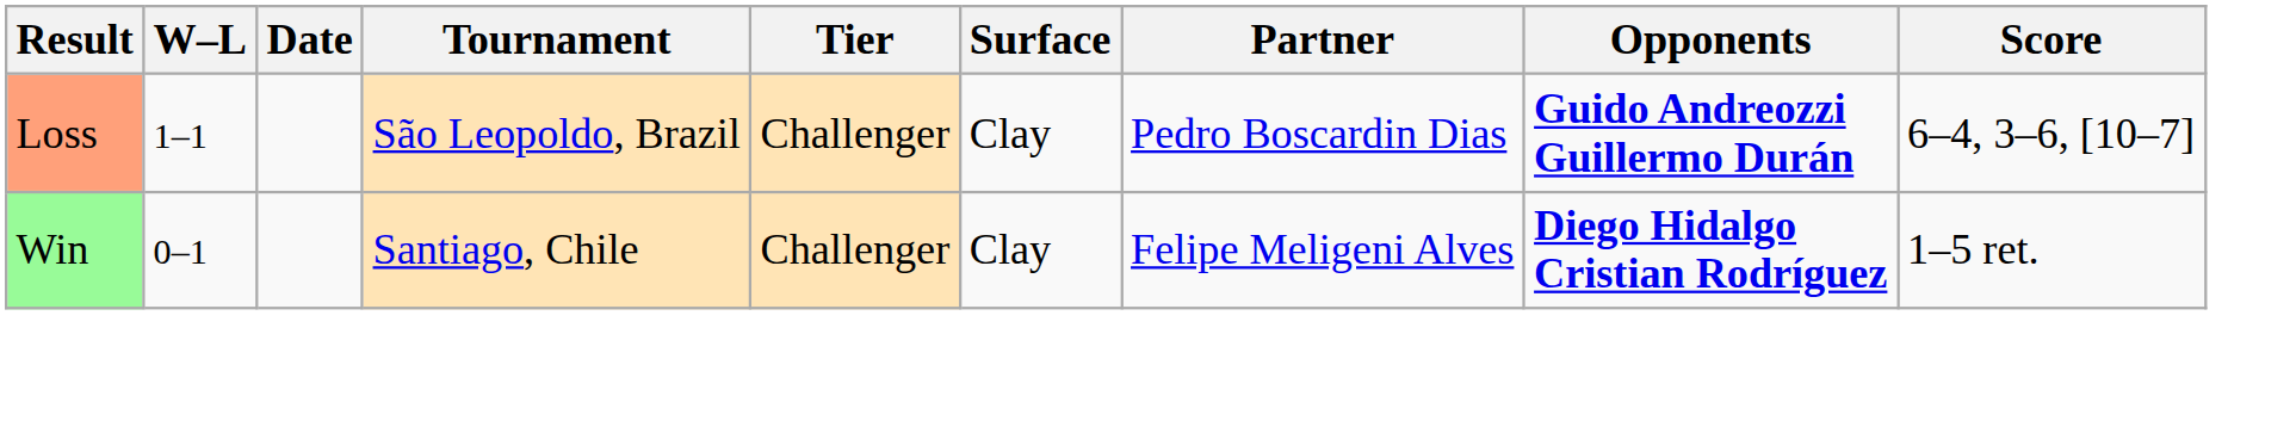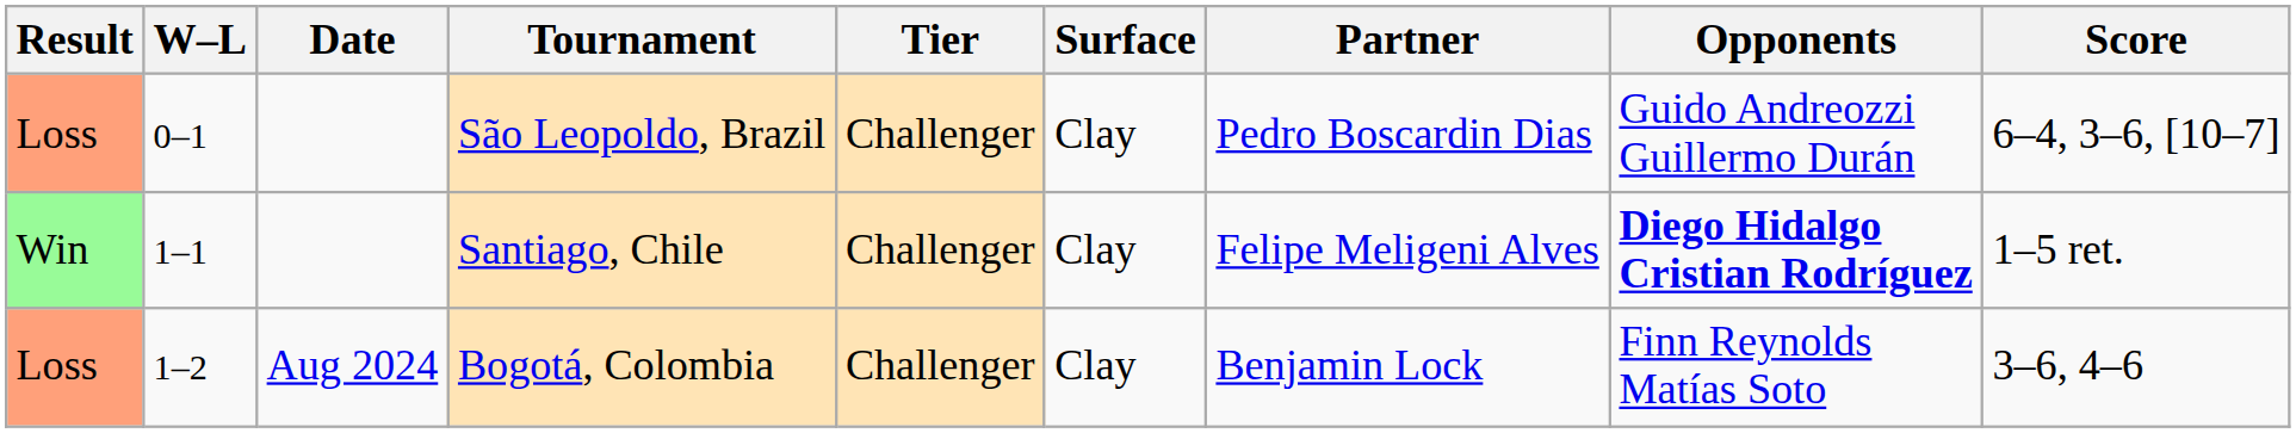 <table class="sortable wikitable">
 <tr>
 <th>Result</th>
 <th class="unsortable">W–L</th>
 <th>Date</th>
 <th>Tournament</th>
 <th>Tier</th>
 <th>Surface</th>
 <th>Partner</th>
 <th>Opponents</th>
 <th class="unsortable">Score</th>
 </tr>
 <tr>
 <td bgcolor=FFA07A>Loss</td>
-<td><small>1–1</small></td>
+<td><small>0–1</small></td>
 <td><a href='#'></a></td>
 <td style="background:moccasin;"><a href='#'>São Leopoldo</a>, Brazil</td>
 <td style="background:moccasin;">Challenger</td>
 <td>Clay</td>
 <td> <a href='#'>Pedro Boscardin Dias</a></td>
-<td><strong> <a href='#'>Guido Andreozzi</a><br> <a href='#'>Guillermo Durán</a></strong></td>
+<td> <a href='#'>Guido Andreozzi</a><br> <a href='#'>Guillermo Durán</a></td>
 <td>6–4, 3–6, [10–7]</td>
 </tr>
 <tr>
 <td bgcolor=98FB98>Win</td>
-<td><small>0–1</small></td>
+<td><small>1–1</small></td>
 <td><a href='#'></a></td>
 <td style="background:moccasin;"><a href='#'>Santiago</a>, Chile</td>
 <td style="background:moccasin;">Challenger</td>
 <td>Clay</td>
 <td> <a href='#'>Felipe Meligeni Alves</a></td>
 <td><strong> <a href='#'>Diego Hidalgo</a><br> <a href='#'>Cristian Rodríguez</a></strong></td>
 <td>1–5 ret.</td>
 </tr>
+<tr>
+<td bgcolor=FFA07A>Loss</td>
+<td><small>1–2</small></td>
+<td><a href='#'>Aug 2024</a></td>
+<td style="background:moccasin"><a href='#'>Bogotá</a>, Colombia</td>
+<td style="background:moccasin">Challenger</td>
+<td>Clay</td>
+<td> <a href='#'>Benjamin Lock</a></td>
+<td> <a href='#'>Finn Reynolds</a> <br>  <a href='#'>Matías Soto</a></td>
+<td>3–6, 4–6</td>
+</tr>
 </table>
